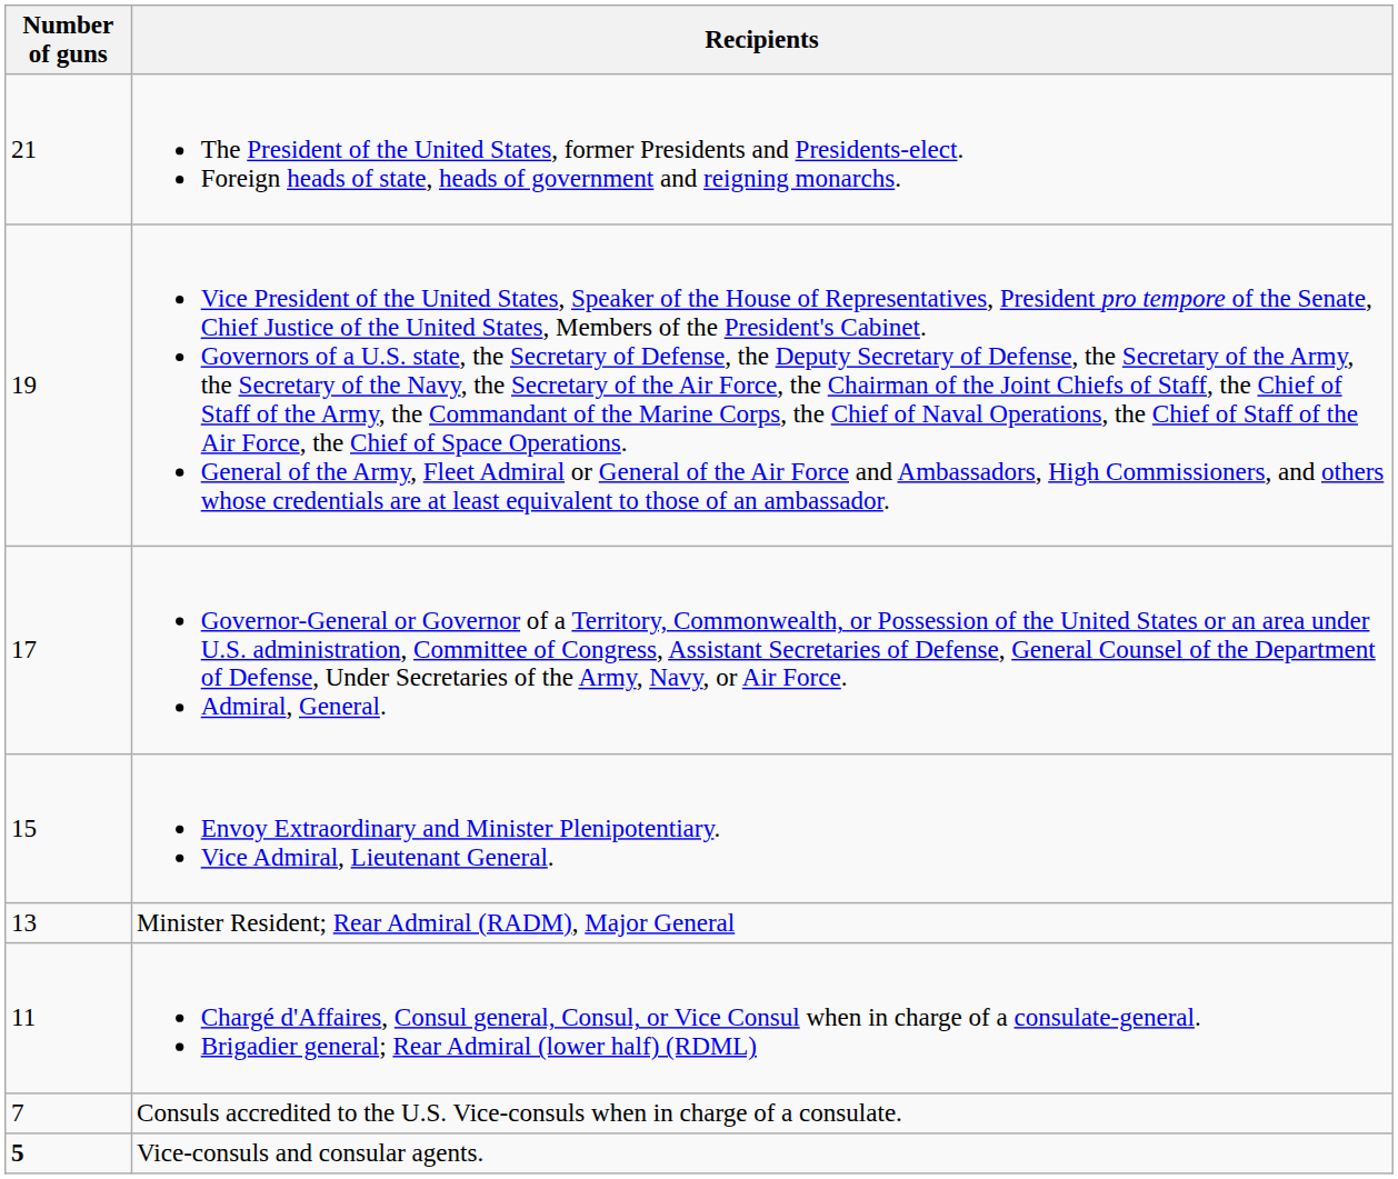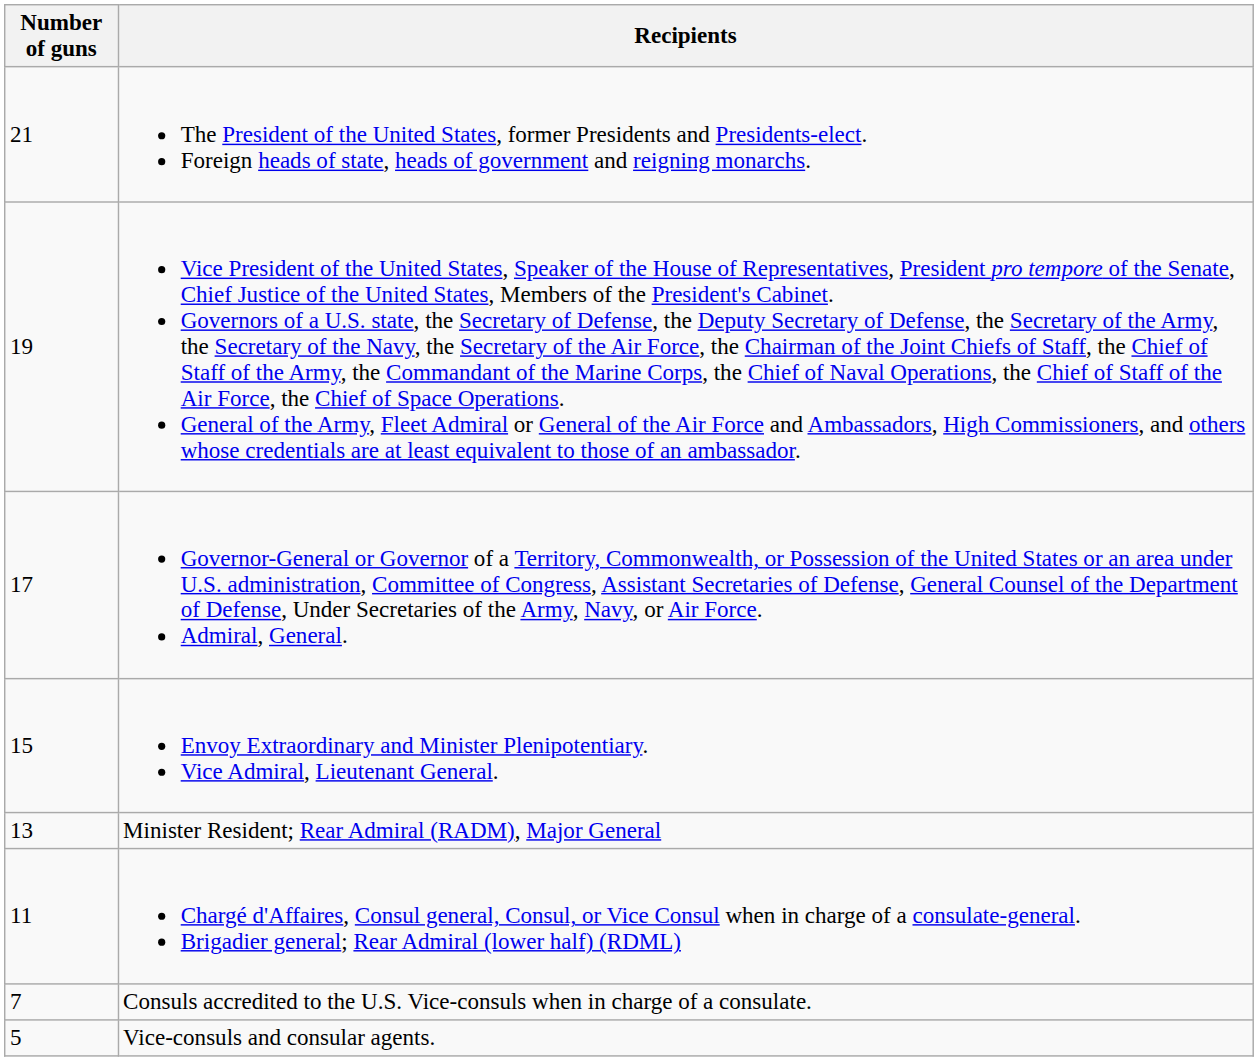 <table class="wikitable">
 <tr>
 <th>Number of guns</th>
 <th>Recipients</th>
 </tr>
 <tr>
 <td>21</td>
 <td><br><ul><li>The <a href='#'>President of the United States</a>, former Presidents and <a href='#'>Presidents-elect</a>.</li><li>Foreign <a href='#'>heads of state</a>, <a href='#'>heads of government</a> and <a href='#'>reigning monarchs</a>.</li></ul></td>
 </tr>
 <tr>
 <td>19</td>
 <td><br><ul><li><a href='#'>Vice President of the United States</a>, <a href='#'>Speaker of the House of Representatives</a>, <a href='#'>President <em>pro tempore</em> of the Senate</a>, <a href='#'>Chief Justice of the United States</a>, Members of the <a href='#'>President's Cabinet</a>.</li><li><a href='#'>Governors of a U.S. state</a>, the <a href='#'>Secretary of Defense</a>, the <a href='#'>Deputy Secretary of Defense</a>, the <a href='#'>Secretary of the Army</a>, the <a href='#'>Secretary of the Navy</a>, the <a href='#'>Secretary of the Air Force</a>, the <a href='#'>Chairman of the Joint Chiefs of Staff</a>, the <a href='#'>Chief of Staff of the Army</a>, the <a href='#'>Commandant of the Marine Corps</a>, the <a href='#'>Chief of Naval Operations</a>, the <a href='#'>Chief of Staff of the Air Force</a>, the <a href='#'>Chief of Space Operations</a>.</li><li><a href='#'>General of the Army</a>, <a href='#'>Fleet Admiral</a> or <a href='#'>General of the Air Force</a> and <a href='#'>Ambassadors</a>, <a href='#'>High Commissioners</a>, and <a href='#'>others whose credentials are at least equivalent to those of an ambassador</a>.</li></ul></td>
 </tr>
 <tr>
 <td>17</td>
 <td><br><ul><li><a href='#'>Governor-General or Governor</a> of a <a href='#'>Territory, Commonwealth, or Possession of the United States or an area under U.S. administration</a>, <a href='#'>Committee of Congress</a>, <a href='#'>Assistant Secretaries of Defense</a>, <a href='#'>General Counsel of the Department of Defense</a>, Under Secretaries of the <a href='#'>Army</a>, <a href='#'>Navy</a>, or <a href='#'>Air Force</a>.</li><li><a href='#'>Admiral</a>, <a href='#'>General</a>.</li></ul></td>
 </tr>
 <tr>
 <td>15</td>
 <td><br><ul><li><a href='#'>Envoy Extraordinary and Minister Plenipotentiary</a>.</li><li><a href='#'>Vice Admiral</a>, <a href='#'>Lieutenant General</a>.</li></ul></td>
 </tr>
 <tr>
 <td>13</td>
 <td>Minister Resident; <a href='#'>Rear Admiral (RADM)</a>, <a href='#'>Major General</a></td>
 </tr>
 <tr>
 <td>11</td>
 <td><br><ul><li><a href='#'>Chargé d'Affaires</a>, <a href='#'>Consul general, Consul, or Vice Consul</a> when in charge of a <a href='#'>consulate-general</a>.</li><li><a href='#'>Brigadier general</a>; <a href='#'>Rear Admiral (lower half) (RDML)</a></li></ul></td>
 </tr>
 <tr>
 <td>7</td>
 <td>Consuls accredited to the U.S. Vice-consuls when in charge of a consulate.</td>
 </tr>
 <tr>
-<td><strong>5</strong></td>
+<td>5</td>
 <td>Vice-consuls and consular agents.</td>
 </tr>
 </table>
